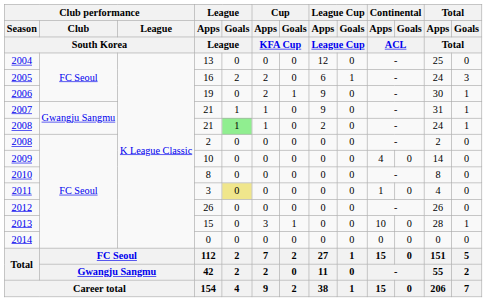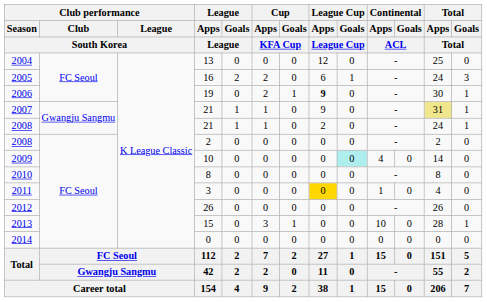 <table class="wikitable" style="text-align:center">
 <tr>
 <th colspan=3>Club performance</th>
 <th colspan=2>League</th>
 <th colspan=2>Cup</th>
 <th colspan=2>League Cup</th>
 <th colspan=2>Continental</th>
 <th colspan=2>Total</th>
 </tr>
 <tr>
 <th>Season</th>
 <th>Club</th>
 <th>League</th>
 <th>Apps</th>
 <th>Goals</th>
 <th>Apps</th>
 <th>Goals</th>
 <th>Apps</th>
 <th>Goals</th>
 <th>Apps</th>
 <th>Goals</th>
 <th>Apps</th>
 <th>Goals</th>
 </tr>
 <tr>
 <th colspan=3>South Korea</th>
 <th colspan=2>League</th>
 <th colspan=2><a href='#'>KFA Cup</a></th>
 <th colspan=2><a href='#'>League Cup</a></th>
 <th colspan=2><a href='#'>ACL</a></th>
 <th colspan=2>Total</th>
 </tr>
 <tr>
 <td><a href='#'>2004</a></td>
 <td rowspan="3"><a href='#'>FC Seoul</a></td>
 <td rowspan="12"><a href='#'>K League Classic</a></td>
 <td>13</td>
 <td>0</td>
 <td>0</td>
 <td>0</td>
 <td>12</td>
 <td>0</td>
 <td colspan="2">-</td>
 <td>25</td>
 <td>0</td>
 </tr>
 <tr>
 <td><a href='#'>2005</a></td>
 <td>16</td>
 <td>2</td>
 <td>2</td>
 <td>0</td>
 <td>6</td>
 <td>1</td>
 <td colspan="2">-</td>
 <td>24</td>
 <td>3</td>
 </tr>
 <tr>
 <td><a href='#'>2006</a></td>
 <td>19</td>
 <td>0</td>
 <td>2</td>
 <td>1</td>
-<td>9</td>
+<td><strong>9</strong></td>
 <td>0</td>
 <td colspan="2">-</td>
 <td>30</td>
 <td>1</td>
 </tr>
 <tr>
 <td><a href='#'>2007</a></td>
 <td rowspan="2"><a href='#'>Gwangju Sangmu</a></td>
 <td>21</td>
 <td>1</td>
 <td>1</td>
 <td>0</td>
 <td>9</td>
 <td>0</td>
 <td colspan="2">-</td>
-<td>31</td>
+<td style="background: khaki;">31</td>
 <td>1</td>
 </tr>
 <tr>
 <td><a href='#'>2008</a></td>
 <td>21</td>
-<td style="background: lightgreen;">1</td>
+<td>1</td>
 <td>1</td>
 <td>0</td>
 <td>2</td>
 <td>0</td>
 <td colspan="2">-</td>
 <td>24</td>
 <td>1</td>
 </tr>
 <tr>
 <td><a href='#'>2008</a></td>
 <td rowspan="7"><a href='#'>FC Seoul</a></td>
 <td>2</td>
 <td>0</td>
 <td>0</td>
 <td>0</td>
 <td>0</td>
 <td>0</td>
 <td colspan="2">-</td>
 <td>2</td>
 <td>0</td>
 </tr>
 <tr>
 <td><a href='#'>2009</a></td>
 <td>10</td>
 <td>0</td>
 <td>0</td>
 <td>0</td>
 <td>0</td>
-<td>0</td>
+<td style="background: paleturquoise;">0</td>
 <td>4</td>
 <td>0</td>
 <td>14</td>
 <td>0</td>
 </tr>
 <tr>
 <td><a href='#'>2010</a></td>
 <td>8</td>
 <td>0</td>
 <td>0</td>
 <td>0</td>
 <td>0</td>
 <td>0</td>
 <td colspan="2">-</td>
 <td>8</td>
 <td>0</td>
 </tr>
 <tr>
 <td><a href='#'>2011</a></td>
 <td>3</td>
-<td style="background: khaki;">0</td>
 <td>0</td>
 <td>0</td>
 <td>0</td>
+<td style="background: gold;">0</td>
 <td>0</td>
 <td>1</td>
 <td>0</td>
 <td>4</td>
 <td>0</td>
 </tr>
 <tr>
 <td><a href='#'>2012</a></td>
 <td>26</td>
 <td>0</td>
 <td>0</td>
 <td>0</td>
 <td>0</td>
 <td>0</td>
 <td colspan="2">-</td>
 <td>26</td>
 <td>0</td>
 </tr>
 <tr>
 <td><a href='#'>2013</a></td>
 <td>15</td>
 <td>0</td>
 <td>3</td>
 <td>1</td>
 <td>0</td>
 <td>0</td>
 <td>10</td>
 <td>0</td>
 <td>28</td>
 <td>1</td>
 </tr>
 <tr>
 <td><a href='#'>2014</a></td>
 <td>0</td>
 <td>0</td>
 <td>0</td>
 <td>0</td>
 <td>0</td>
 <td>0</td>
 <td>0</td>
 <td>0</td>
 <td>0</td>
 <td>0</td>
 </tr>
 <tr>
 <th rowspan=2>Total</th>
 <th colspan=2><a href='#'>FC Seoul</a></th>
 <th>112</th>
 <th>2</th>
 <th>7</th>
 <th>2</th>
 <th>27</th>
 <th>1</th>
 <th>15</th>
 <th>0</th>
 <th>151</th>
 <th>5</th>
 </tr>
 <tr>
 <th colspan=2><a href='#'>Gwangju Sangmu</a></th>
 <th>42</th>
 <th>2</th>
 <th>2</th>
 <th>0</th>
 <th>11</th>
 <th>0</th>
 <th colspan="2">-</th>
 <th>55</th>
 <th>2</th>
 </tr>
 <tr>
 <th colspan=3>Career total</th>
 <th>154</th>
 <th>4</th>
 <th>9</th>
 <th>2</th>
 <th>38</th>
 <th>1</th>
 <th>15</th>
 <th>0</th>
 <th>206</th>
 <th>7</th>
 </tr>
 </table>
